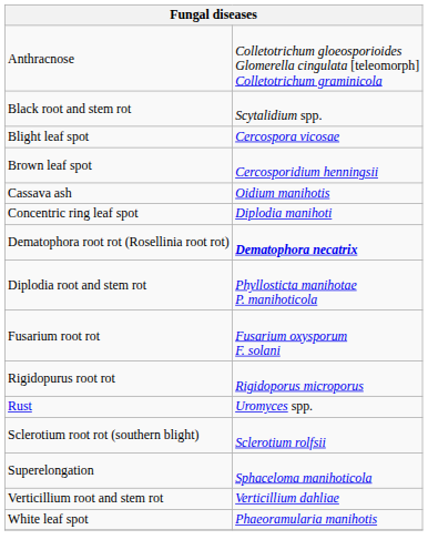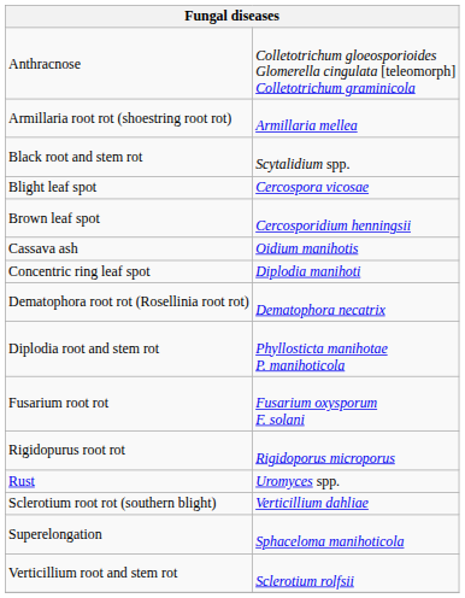 <table class="wikitable" style="clear">
 <tr>
 <th colspan=2><strong>Fungal diseases</strong><br></th>
 </tr>
 <tr>
 <td>Anthracnose</td>
 <td><br><em>Colletotrichum gloeosporioides</em> <br><em>Glomerella cingulata</em> [teleomorph]<br> <em><a href='#'>Colletotrichum graminicola</a></em><br></td>
+</tr>
+<tr>
+<td>Armillaria root rot (shoestring root rot)</td>
+<td><br><em><a href='#'>Armillaria mellea</a></em><br></td>
 </tr>
 <tr>
 <td>Black root and stem rot</td>
 <td><br><em>Scytalidium</em> spp.<br></td>
 </tr>
 <tr>
 <td>Blight leaf spot</td>
 <td><em><a href='#'>Cercospora vicosae</a></em></td>
 </tr>
 <tr>
 <td>Brown leaf spot</td>
 <td><br><em><a href='#'>Cercosporidium henningsii</a></em><br></td>
 </tr>
 <tr>
 <td>Cassava ash</td>
 <td><em><a href='#'>Oidium manihotis</a></em></td>
 </tr>
 <tr>
 <td>Concentric ring leaf spot</td>
 <td><em><a href='#'>Diplodia manihoti</a></em></td>
 </tr>
 <tr>
 <td>Dematophora root rot (Rosellinia root rot)</td>
-<td><strong><br><em><a href='#'>Dematophora necatrix</a></em> <br></strong></td>
+<td><br><em><a href='#'>Dematophora necatrix</a></em> <br></td>
 </tr>
 <tr>
 <td>Diplodia root and stem rot</td>
 <td><br><em><a href='#'>Phyllosticta manihotae</a></em> <br> <em><a href='#'>P. manihoticola</a></em></td>
 </tr>
 <tr>
 <td>Fusarium root rot</td>
 <td><br><em><a href='#'>Fusarium oxysporum</a></em><br> <em><a href='#'>F. solani</a></em><br></td>
 </tr>
 <tr>
 <td>Rigidopurus root rot</td>
 <td><br><em><a href='#'>Rigidoporus microporus</a></em> <br></td>
 </tr>
 <tr>
 <td><a href='#'>Rust</a></td>
 <td><em><a href='#'>Uromyces</a></em> spp.</td>
 </tr>
 <tr>
 <td>Sclerotium root rot (southern blight)</td>
-<td><br><em><a href='#'>Sclerotium rolfsii</a></em><br></td>
+<td><em><a href='#'>Verticillium dahliae</a></em></td>
 </tr>
 <tr>
 <td>Superelongation</td>
 <td><br><em><a href='#'>Sphaceloma manihoticola</a></em><br></td>
 </tr>
 <tr>
 <td>Verticillium root and stem rot</td>
-<td><em><a href='#'>Verticillium dahliae</a></em></td>
-</tr>
-<tr>
-<td>White leaf spot</td>
-<td><em><a href='#'>Phaeoramularia manihotis</a></em></td>
+<td><br><em><a href='#'>Sclerotium rolfsii</a></em><br></td>
 </tr>
 <tr>
 </tr>
 </table>
